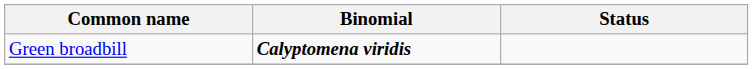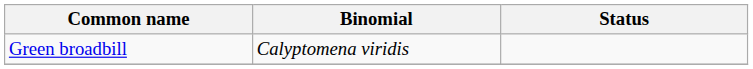 <table width=72% class="wikitable">
 <tr>
 <th width=24%>Common name</th>
 <th width=24%>Binomial</th>
 <th width=24%>Status</th>
 </tr>
 <tr>
 <td><a href='#'>Green broadbill</a></td>
-<td><strong><em>Calyptomena viridis</em></strong></td>
+<td><em>Calyptomena viridis</em></td>
 <td></td>
 </tr>
 <tr>
 </tr>
 </table>
